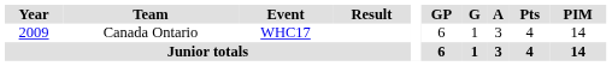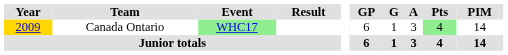 <table border="0" cellpadding="1" cellspacing="0" style="text-align:center; width:40em">
 <tr ALIGN="center" bgcolor="#e0e0e0">
 <th>Year</th>
 <th>Team</th>
 <th>Event</th>
 <th>Result</th>
 <th rowspan="99" bgcolor="#ffffff"> </th>
 <th>GP</th>
 <th>G</th>
 <th>A</th>
 <th>Pts</th>
 <th>PIM</th>
 </tr>
 <tr ALIGN="center">
-<td><a href='#'>2009</a></td>
+<td style="background: gold;"><a href='#'>2009</a></td>
 <td>Canada Ontario</td>
-<td><a href='#'>WHC17</a></td>
+<td style="background: lightgreen;"><a href='#'>WHC17</a></td>
 <td></td>
 <td>6</td>
 <td>1</td>
 <td>3</td>
-<td>4</td>
+<td style="background: lightgreen;">4</td>
 <td>14</td>
 </tr>
 <tr bgcolor="#e0e0e0">
 <th colspan="4">Junior totals</th>
 <th>6</th>
 <th>1</th>
 <th>3</th>
 <th>4</th>
 <th>14</th>
 </tr>
 </table>
